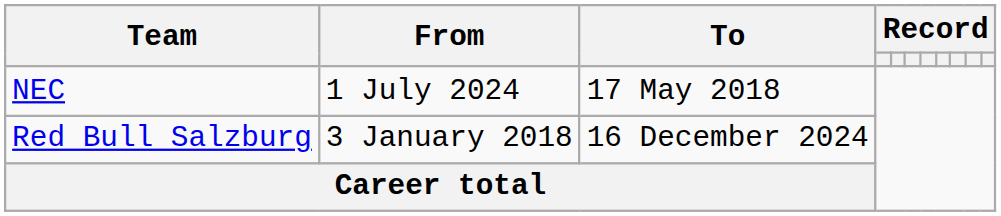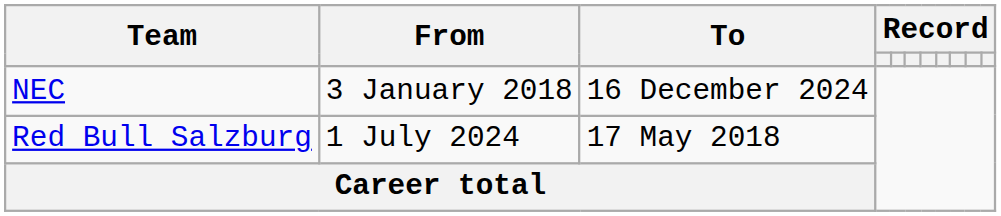 <table class=wikitable style="text-align: center">
 <tr>
 <th rowspan="2">Team</th>
 <th rowspan="2">From</th>
 <th rowspan="2">To</th>
 <th colspan="8">Record</th>
 </tr>
 <tr>
 <th></th>
 <th></th>
 <th></th>
 <th></th>
 <th></th>
 <th></th>
 <th></th>
 <th></th>
 </tr>
 <tr>
 <td align="left"><a href='#'>NEC</a></td>
-<td align="left">1 July 2024</td>
-<td align="left">17 May 2018<br></td>
+<td align="left">3 January 2018</td>
+<td align="left">16 December 2024<br></td>
 </tr>
 <tr>
 <td align="left"><a href='#'>Red Bull Salzburg</a></td>
-<td align="left">3 January 2018</td>
-<td align="left">16 December 2024<br></td>
+<td align="left">1 July 2024</td>
+<td align="left">17 May 2018<br></td>
 </tr>
 <tr>
 <th colspan="3">Career total<br></th>
 </tr>
 </table>
